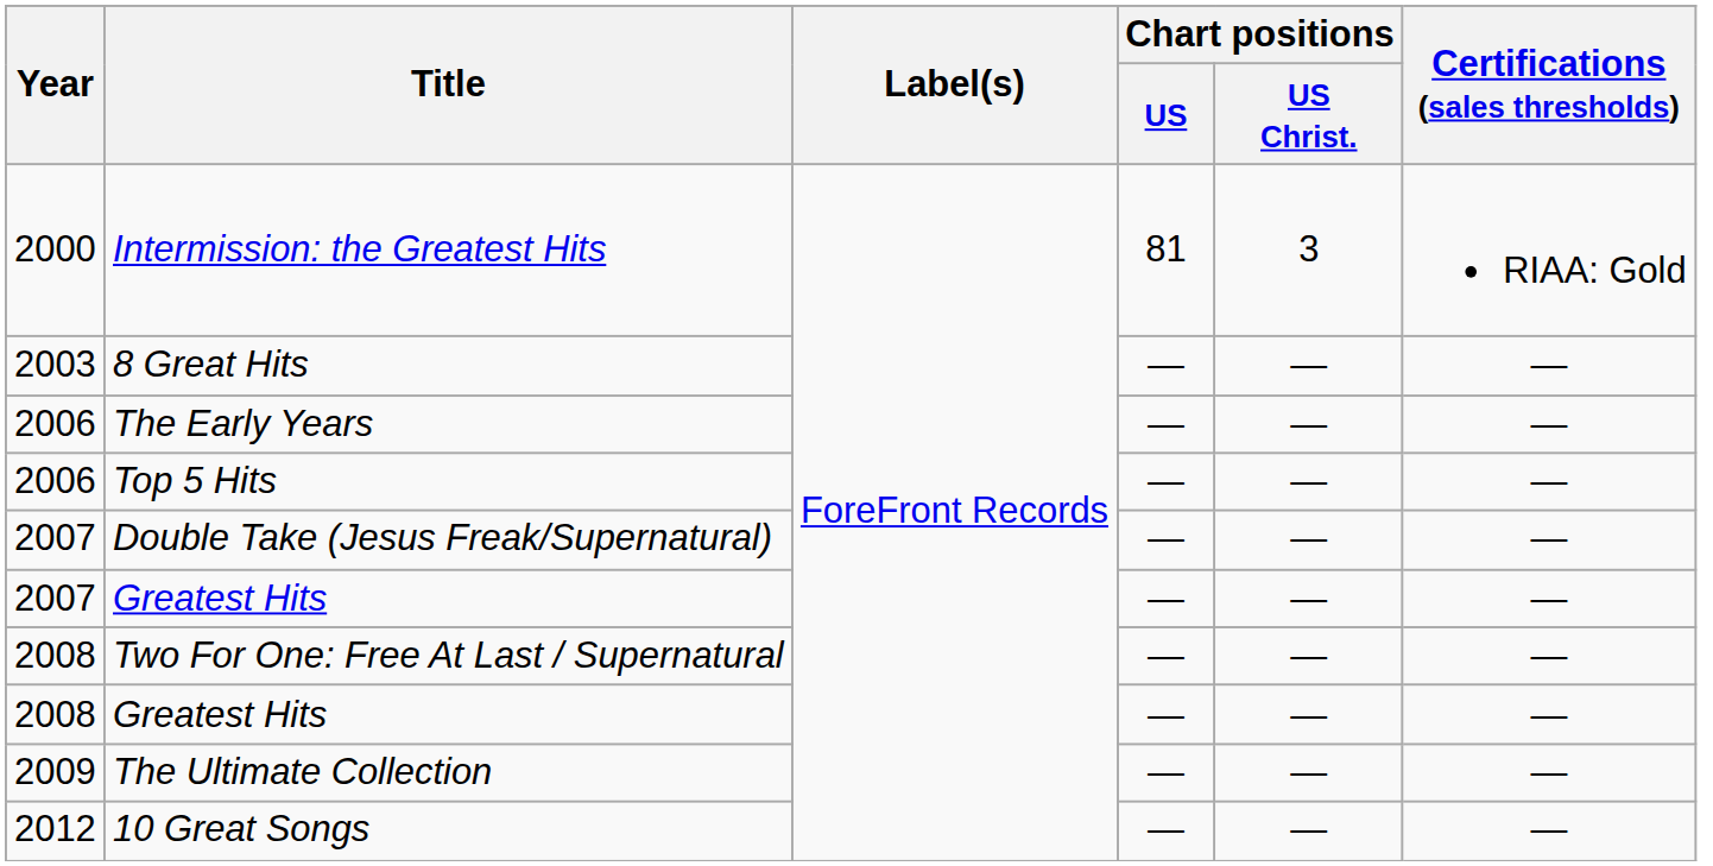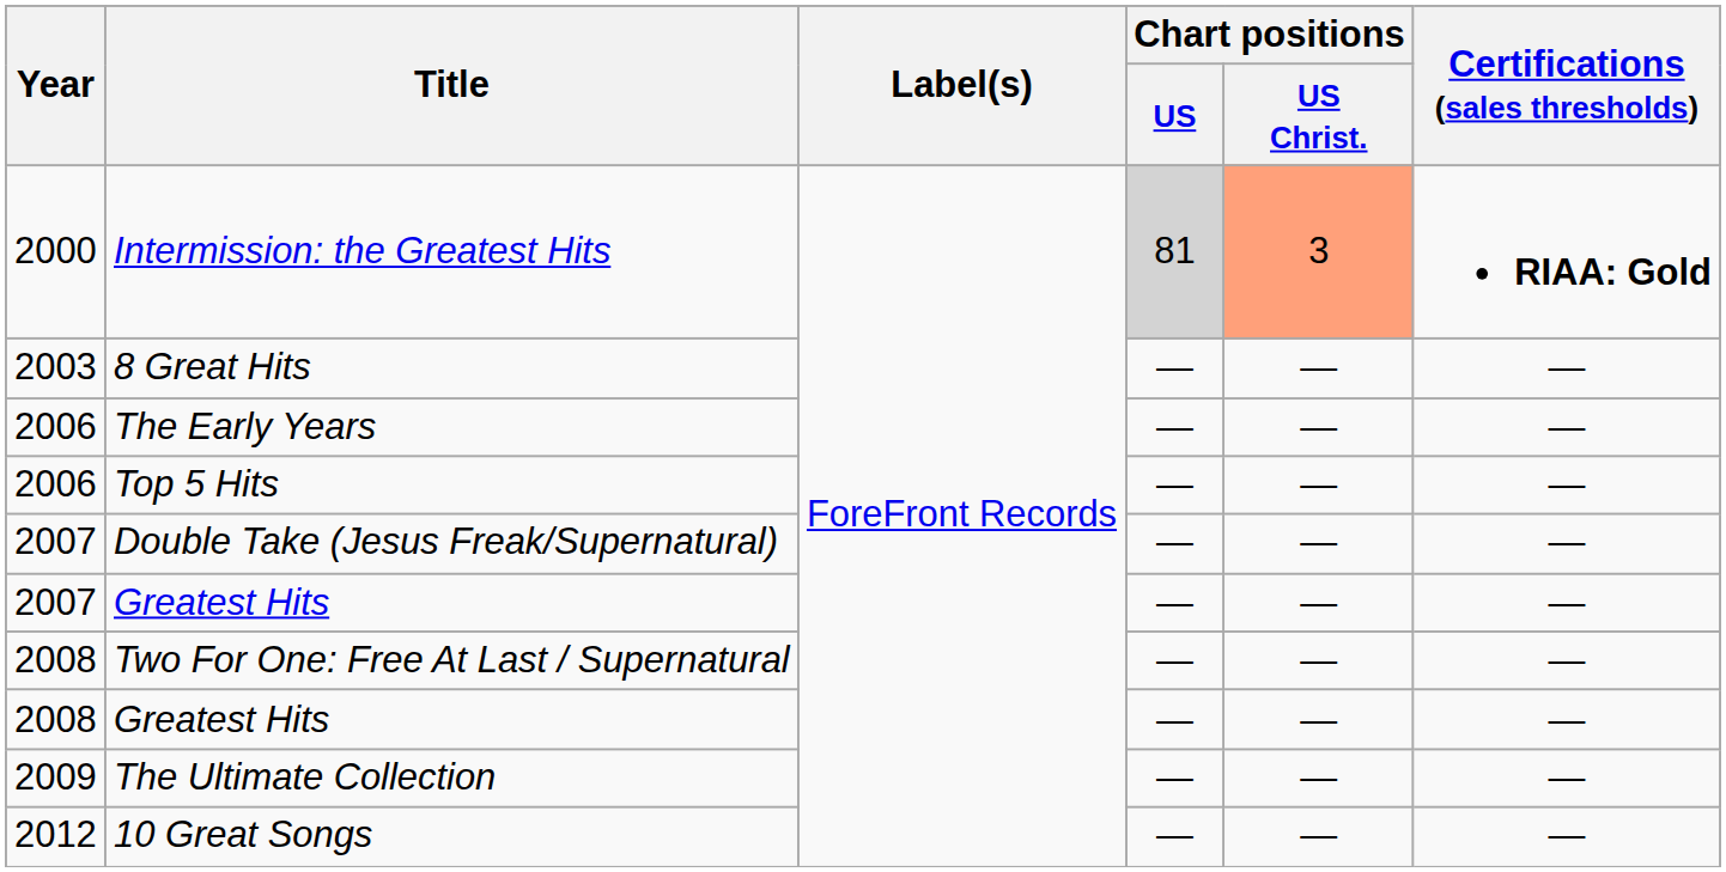 <table class="wikitable">
 <tr>
 <th rowspan="2">Year</th>
 <th rowspan="2">Title</th>
 <th rowspan="2">Label(s)</th>
 <th colspan="2">Chart positions</th>
 <th rowspan="2"><a href='#'>Certifications</a><br><small>(<a href='#'>sales thresholds</a>)</small></th>
 </tr>
 <tr>
 <th><small><a href='#'>US</a></small></th>
 <th><small><a href='#'>US<br>Christ.</a></small></th>
 </tr>
 <tr>
 <td align="center">2000</td>
 <td align="left"><em><a href='#'>Intermission: the Greatest Hits</a></em></td>
 <td rowspan="10" align="center"><a href='#'>ForeFront Records</a></td>
-<td align="center">81</td>
-<td align="center">3</td>
-<td align="center"><br><ul><li>RIAA: Gold</li></ul></td>
+<td align="center" style="background: lightgrey;">81</td>
+<td align="center" style="background: lightsalmon;">3</td>
+<td align="center"><strong><br><ul><li>RIAA: Gold</li></ul></strong></td>
 </tr>
 <tr>
 <td align="center">2003</td>
 <td align="left"><em>8 Great Hits</em></td>
 <td align="center">—</td>
 <td align="center">—</td>
 <td align="center">—</td>
 </tr>
 <tr>
 <td align="center">2006</td>
 <td align="left"><em>The Early Years</em></td>
 <td align="center">—</td>
 <td align="center">—</td>
 <td align="center">—</td>
 </tr>
 <tr>
 <td align="center">2006</td>
 <td align="left"><em>Top 5 Hits</em></td>
 <td align="center">—</td>
 <td align="center">—</td>
 <td align="center">—</td>
 </tr>
 <tr>
 <td align="center">2007</td>
 <td align="left"><em>Double Take (Jesus Freak/Supernatural)</em></td>
 <td align="center">—</td>
 <td align="center">—</td>
 <td align="center">—</td>
 </tr>
 <tr>
 <td align="center">2007</td>
 <td align="left"><em><a href='#'>Greatest Hits</a></em></td>
 <td align="center">—</td>
 <td align="center">—</td>
 <td align="center">—</td>
 </tr>
 <tr>
 <td align="center">2008</td>
 <td align="left"><em>Two For One: Free At Last / Supernatural</em></td>
 <td align="center">—</td>
 <td align="center">—</td>
 <td align="center">—</td>
 </tr>
 <tr>
 <td align="center">2008</td>
 <td align="left"><em>Greatest Hits</em></td>
 <td align="center">—</td>
 <td align="center">—</td>
 <td align="center">—</td>
 </tr>
 <tr>
 <td align="center">2009</td>
 <td align="left"><em>The Ultimate Collection</em></td>
 <td align="center">—</td>
 <td align="center">—</td>
 <td align="center">—</td>
 </tr>
 <tr>
 <td align="center">2012</td>
 <td align="left"><em>10 Great Songs</em></td>
 <td align="center">—</td>
 <td align="center">—</td>
 <td align="center">—</td>
 </tr>
 </table>
